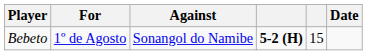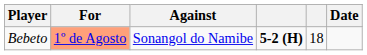 <table class="wikitable sortable">
 <tr>
 <th>Player</th>
 <th>For</th>
 <th>Against</th>
 <th style="text-align:center"></th>
 <th></th>
 <th>Date</th>
 </tr>
 <tr>
 <td> <em>Bebeto</em></td>
-<td><a href='#'>1º de Agosto</a></td>
+<td style="background: lightsalmon;"><a href='#'>1º de Agosto</a></td>
 <td><a href='#'>Sonangol do Namibe</a></td>
 <td align=center><strong>5-2 (H)</strong></td>
-<td align=center>15</td>
+<td align=center>18</td>
 <td></td>
 </tr>
 </table>
